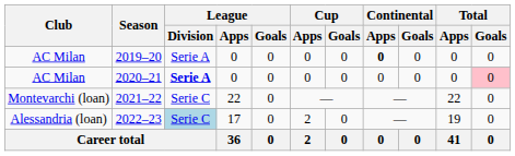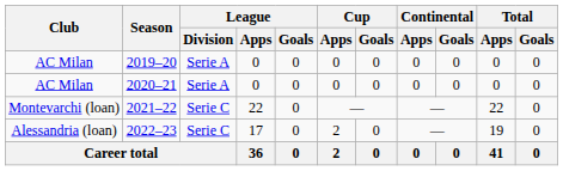 <table class="wikitable" Style="text-align: center">
 <tr>
 <th rowspan="2">Club</th>
 <th rowspan="2">Season</th>
 <th colspan="3">League</th>
 <th colspan="2">Cup</th>
 <th colspan="2">Continental</th>
 <th colspan="2">Total</th>
 </tr>
 <tr>
 <th>Division</th>
 <th>Apps</th>
 <th>Goals</th>
 <th>Apps</th>
 <th>Goals</th>
 <th>Apps</th>
 <th>Goals</th>
 <th>Apps</th>
 <th>Goals</th>
 </tr>
 <tr>
 <td><a href='#'>AC Milan</a></td>
 <td><a href='#'>2019–20</a></td>
 <td><a href='#'>Serie A</a></td>
 <td>0</td>
 <td>0</td>
 <td>0</td>
 <td>0</td>
-<td><strong>0</strong></td>
+<td>0</td>
 <td>0</td>
 <td>0</td>
 <td>0</td>
 </tr>
 <tr>
 <td><a href='#'>AC Milan</a></td>
 <td><a href='#'>2020–21</a></td>
-<td><strong><a href='#'>Serie A</a></strong></td>
+<td><a href='#'>Serie A</a></td>
 <td>0</td>
 <td>0</td>
 <td>0</td>
 <td>0</td>
 <td>0</td>
 <td>0</td>
 <td>0</td>
-<td style="background: pink;">0</td>
+<td>0</td>
 </tr>
 <tr>
 <td><a href='#'>Montevarchi</a> (loan)</td>
 <td><a href='#'>2021–22</a></td>
 <td rowspan="1"><a href='#'>Serie C</a></td>
 <td>22</td>
 <td>0</td>
 <td colspan="2">—</td>
 <td colspan="2">—</td>
 <td>22</td>
 <td>0</td>
 </tr>
 <tr>
 <td><a href='#'>Alessandria</a> (loan)</td>
 <td><a href='#'>2022–23</a></td>
-<td style="background: lightblue;"><a href='#'>Serie C</a></td>
+<td><a href='#'>Serie C</a></td>
 <td>17</td>
 <td>0</td>
 <td>2</td>
 <td>0</td>
 <td colspan="2">—</td>
 <td>19</td>
 <td>0</td>
 </tr>
 <tr>
 <th colspan="3">Career total</th>
 <th>36</th>
 <th>0</th>
 <th>2</th>
 <th>0</th>
 <th>0</th>
 <th>0</th>
 <th>41</th>
 <th>0</th>
 </tr>
 </table>
